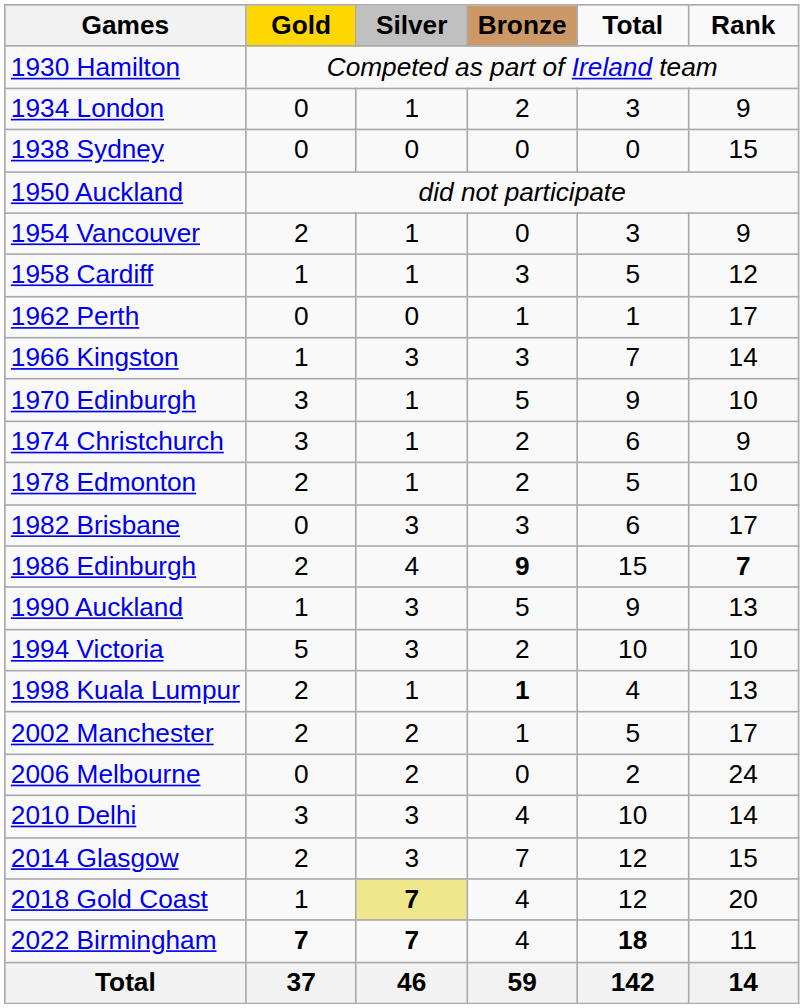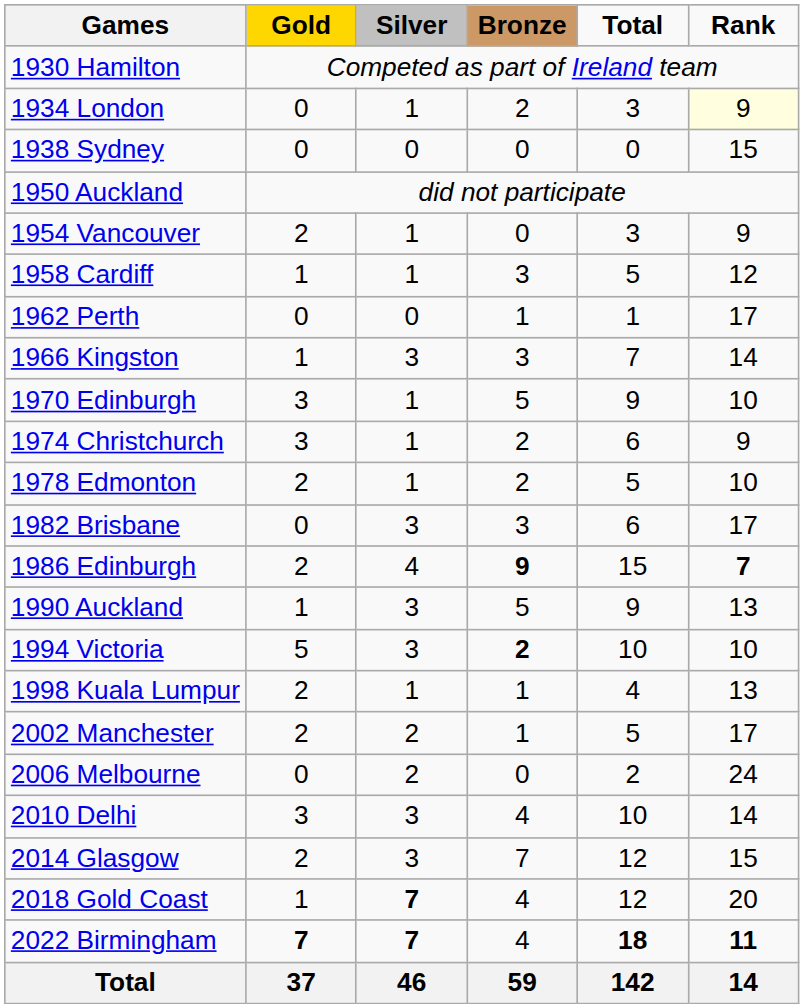 <table class="wikitable" style="text-align:center">
 <tr>
 <th>Games</th>
 <td width=60 bgcolor=gold><strong>Gold</strong></td>
 <td width=60 bgcolor=silver><strong>Silver</strong></td>
 <td width=60 bgcolor=cc9966><strong>Bronze</strong></td>
 <td width=60><strong>Total</strong></td>
 <td width=60><strong>Rank</strong></td>
 </tr>
 <tr>
 <td align=left> <a href='#'>1930 Hamilton</a></td>
 <td colspan="5"><em>Competed as part of <a href='#'>Ireland</a> team</em></td>
 </tr>
 <tr>
 <td align=left> <a href='#'>1934 London</a></td>
 <td>0</td>
 <td>1</td>
 <td>2</td>
 <td>3</td>
-<td>9</td>
+<td style="background: lightyellow;">9</td>
 </tr>
 <tr>
 <td align=left> <a href='#'>1938 Sydney</a></td>
 <td>0</td>
 <td>0</td>
 <td>0</td>
 <td>0</td>
 <td>15</td>
 </tr>
 <tr>
 <td align=left> <a href='#'>1950 Auckland</a></td>
 <td colspan="5"><em>did not participate</em></td>
 </tr>
 <tr>
 <td align=left> <a href='#'>1954 Vancouver</a></td>
 <td>2</td>
 <td>1</td>
 <td>0</td>
 <td>3</td>
 <td>9</td>
 </tr>
 <tr>
 <td align=left> <a href='#'>1958 Cardiff</a></td>
 <td>1</td>
 <td>1</td>
 <td>3</td>
 <td>5</td>
 <td>12</td>
 </tr>
 <tr>
 <td align=left> <a href='#'>1962 Perth</a></td>
 <td>0</td>
 <td>0</td>
 <td>1</td>
 <td>1</td>
 <td>17</td>
 </tr>
 <tr>
 <td align=left> <a href='#'>1966 Kingston</a></td>
 <td>1</td>
 <td>3</td>
 <td>3</td>
 <td>7</td>
 <td>14</td>
 </tr>
 <tr>
 <td align=left> <a href='#'>1970 Edinburgh</a></td>
 <td>3</td>
 <td>1</td>
 <td>5</td>
 <td>9</td>
 <td>10</td>
 </tr>
 <tr>
 <td align=left> <a href='#'>1974 Christchurch</a></td>
 <td>3</td>
 <td>1</td>
 <td>2</td>
 <td>6</td>
 <td>9</td>
 </tr>
 <tr>
 <td align=left> <a href='#'>1978 Edmonton</a></td>
 <td>2</td>
 <td>1</td>
 <td>2</td>
 <td>5</td>
 <td>10</td>
 </tr>
 <tr>
 <td align=left> <a href='#'>1982 Brisbane</a></td>
 <td>0</td>
 <td>3</td>
 <td>3</td>
 <td>6</td>
 <td>17</td>
 </tr>
 <tr>
 <td align=left> <a href='#'>1986 Edinburgh</a></td>
 <td>2</td>
 <td>4</td>
 <td><strong>9</strong></td>
 <td>15</td>
 <td><strong>7</strong></td>
 </tr>
 <tr>
 <td align=left> <a href='#'>1990 Auckland</a></td>
 <td>1</td>
 <td>3</td>
 <td>5</td>
 <td>9</td>
 <td>13</td>
 </tr>
 <tr>
 <td align=left> <a href='#'>1994 Victoria</a></td>
 <td>5</td>
 <td>3</td>
-<td>2</td>
+<td><strong>2</strong></td>
 <td>10</td>
 <td>10</td>
 </tr>
 <tr>
 <td align=left> <a href='#'>1998 Kuala Lumpur</a></td>
 <td>2</td>
 <td>1</td>
-<td><strong>1</strong></td>
+<td>1</td>
 <td>4</td>
 <td>13</td>
 </tr>
 <tr>
 <td align=left> <a href='#'>2002 Manchester</a></td>
 <td>2</td>
 <td>2</td>
 <td>1</td>
 <td>5</td>
 <td>17</td>
 </tr>
 <tr>
 <td align=left> <a href='#'>2006 Melbourne</a></td>
 <td>0</td>
 <td>2</td>
 <td>0</td>
 <td>2</td>
 <td>24</td>
 </tr>
 <tr>
 <td align=left> <a href='#'>2010 Delhi</a></td>
 <td>3</td>
 <td>3</td>
 <td>4</td>
 <td>10</td>
 <td>14</td>
 </tr>
 <tr>
 <td align=left> <a href='#'>2014 Glasgow</a></td>
 <td>2</td>
 <td>3</td>
 <td>7</td>
 <td>12</td>
 <td>15</td>
 </tr>
 <tr>
 <td align=left> <a href='#'>2018 Gold Coast</a></td>
 <td>1</td>
-<td style="background: khaki;"><strong>7</strong></td>
+<td><strong>7</strong></td>
 <td>4</td>
 <td>12</td>
 <td>20</td>
 </tr>
 <tr>
 <td align=left> <a href='#'>2022 Birmingham</a></td>
 <td><strong>7</strong></td>
 <td><strong>7</strong></td>
 <td>4</td>
 <td><strong>18</strong></td>
-<td>11</td>
+<td><strong>11</strong></td>
 </tr>
 <tr>
 <th>Total</th>
 <th>37</th>
 <th>46</th>
 <th>59</th>
 <th>142</th>
 <th>14</th>
 </tr>
 </table>
